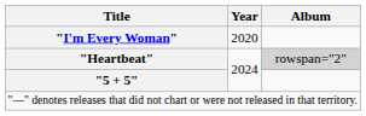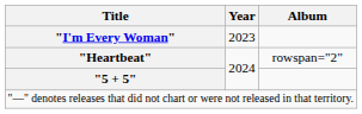 <table class="wikitable plainrowheaders" style="text-align:center;" border="1">
 <tr>
 <th scope="col" rowspan="1" style="width:16em;">Title</th>
 <th scope="col" rowspan="1" style="width:1em;">Year</th>
 <th scope="col" rowspan="1">Album</th>
 </tr>
 <tr>
 <th scope="row">"<a href='#'>I'm Every Woman</a>"</th>
-<td>2020</td>
+<td>2023</td>
 <td></td>
 </tr>
 <tr>
 <th scope="row">"Heartbeat"</th>
 <td rowspan="2">2024</td>
-<td style="background: lightgrey;">rowspan="2" </td>
+<td>rowspan="2" </td>
 </tr>
 <tr>
 <th scope="row">"5 + 5"</th>
 </tr>
 <tr>
 <td style="font-size:85%;" colspan="22">"—" denotes releases that did not chart or were not released in that territory.</td>
 </tr>
 </table>
